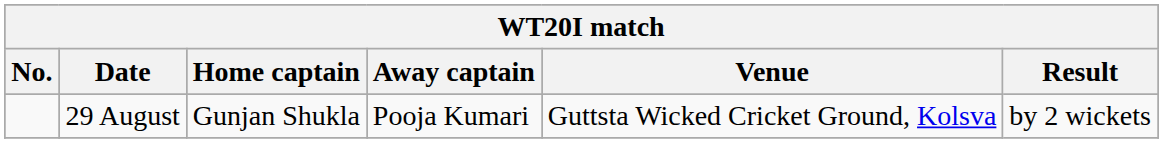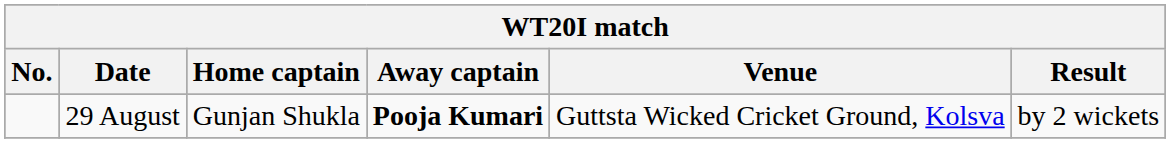 <table class="wikitable">
 <tr>
 <th colspan="9">WT20I match</th>
 </tr>
 <tr>
 <th>No.</th>
 <th>Date</th>
 <th>Home captain</th>
 <th>Away captain</th>
 <th>Venue</th>
 <th>Result</th>
 </tr>
 <tr>
 <td></td>
 <td>29 August</td>
 <td>Gunjan Shukla</td>
-<td>Pooja Kumari</td>
+<td><strong>Pooja Kumari</strong></td>
 <td>Guttsta Wicked Cricket Ground, <a href='#'>Kolsva</a></td>
 <td> by 2 wickets</td>
 </tr>
 </table>
